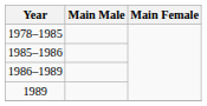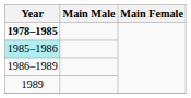 <table class="wikitable" style="text-align:center">
 <tr>
 <th>Year</th>
 <th>Main Male</th>
 <th>Main Female</th>
 </tr>
 <tr>
-<td>1978–1985</td>
+<td><strong>1978–1985</strong></td>
 <td></td>
 <td rowspan="4"></td>
 </tr>
 <tr>
-<td>1985–1986</td>
+<td style="background: paleturquoise;">1985–1986</td>
 <td></td>
 </tr>
 <tr>
 <td>1986–1989</td>
 <td></td>
 </tr>
 <tr>
 <td>1989</td>
 <td><br></td>
 </tr>
 <tr>
 </tr>
 </table>
